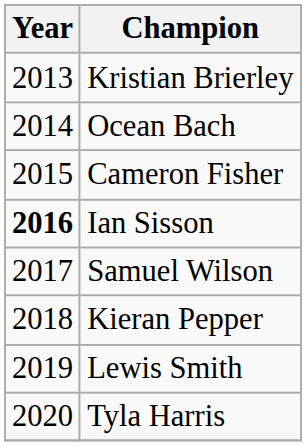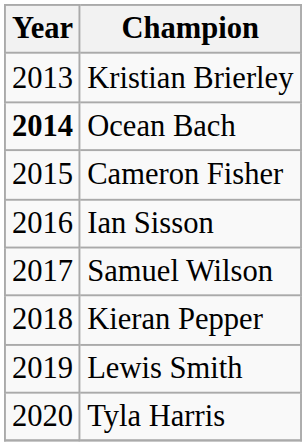 <table class="wikitable">
 <tr>
 <th>Year</th>
 <th>Champion</th>
 </tr>
 <tr>
 <td>2013</td>
 <td>Kristian Brierley</td>
 </tr>
 <tr>
-<td>2014</td>
+<td><strong>2014</strong></td>
 <td>Ocean Bach</td>
 </tr>
 <tr>
 <td>2015</td>
 <td>Cameron Fisher</td>
 </tr>
 <tr>
-<td><strong>2016</strong></td>
+<td>2016</td>
 <td>Ian Sisson</td>
 </tr>
 <tr>
 <td>2017</td>
 <td>Samuel Wilson</td>
 </tr>
 <tr>
 <td>2018</td>
 <td>Kieran Pepper</td>
 </tr>
 <tr>
 <td>2019</td>
 <td>Lewis Smith</td>
 </tr>
 <tr>
 <td>2020</td>
 <td>Tyla Harris</td>
 </tr>
 <tr>
 </tr>
 </table>
